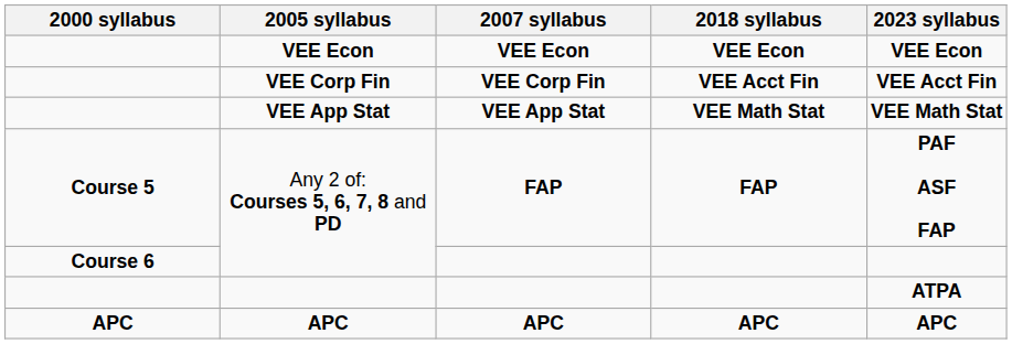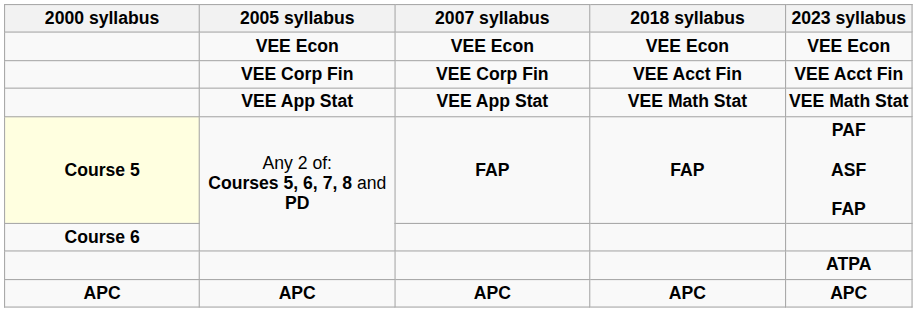 <table class=wikitable style="text-align:center;">
 <tr>
 <th width="170">2000 syllabus</th>
 <th width="170">2005 syllabus</th>
 <th width="170">2007 syllabus</th>
 <th width="170">2018 syllabus</th>
 <th>2023 syllabus</th>
 </tr>
 <tr>
 <td></td>
 <td><strong>VEE Econ</strong><br></td>
 <td><strong>VEE Econ</strong></td>
 <td><strong>VEE Econ</strong></td>
 <td><strong>VEE Econ</strong></td>
 </tr>
 <tr>
 <td></td>
 <td><strong>VEE Corp Fin</strong><br></td>
 <td><strong>VEE Corp Fin</strong></td>
 <td><strong>VEE Acct Fin</strong><br></td>
 <td><strong>VEE Acct Fin</strong></td>
 </tr>
 <tr>
 <td></td>
 <td><strong>VEE App Stat</strong><br></td>
 <td><strong>VEE App Stat</strong></td>
 <td><strong>VEE Math Stat</strong><br></td>
 <td><strong>VEE Math Stat</strong></td>
 </tr>
 <tr>
-<td><strong>Course 5</strong><br></td>
+<td style="background: lightyellow;"><strong>Course 5</strong><br></td>
 <td rowspan="2">Any 2 of:<br><strong>Courses 5, 6, 7, 8</strong> and <strong>PD</strong></td>
 <td><strong>FAP</strong><br></td>
 <td><strong>FAP</strong></td>
 <td><strong>PAF</strong><br><br><strong>ASF</strong><br><br><strong>FAP</strong></td>
 </tr>
 <tr>
 <td><strong>Course 6</strong><br></td>
 <td></td>
 <td></td>
 <td></td>
 </tr>
 <tr>
 <td></td>
 <td></td>
 <td></td>
 <td></td>
 <td><strong>ATPA</strong><br></td>
 </tr>
 <tr>
 <td><strong>APC</strong><br></td>
 <td><strong>APC</strong></td>
 <td><strong>APC</strong></td>
 <td><strong>APC</strong></td>
 <td><strong>APC</strong></td>
 </tr>
 </table>
